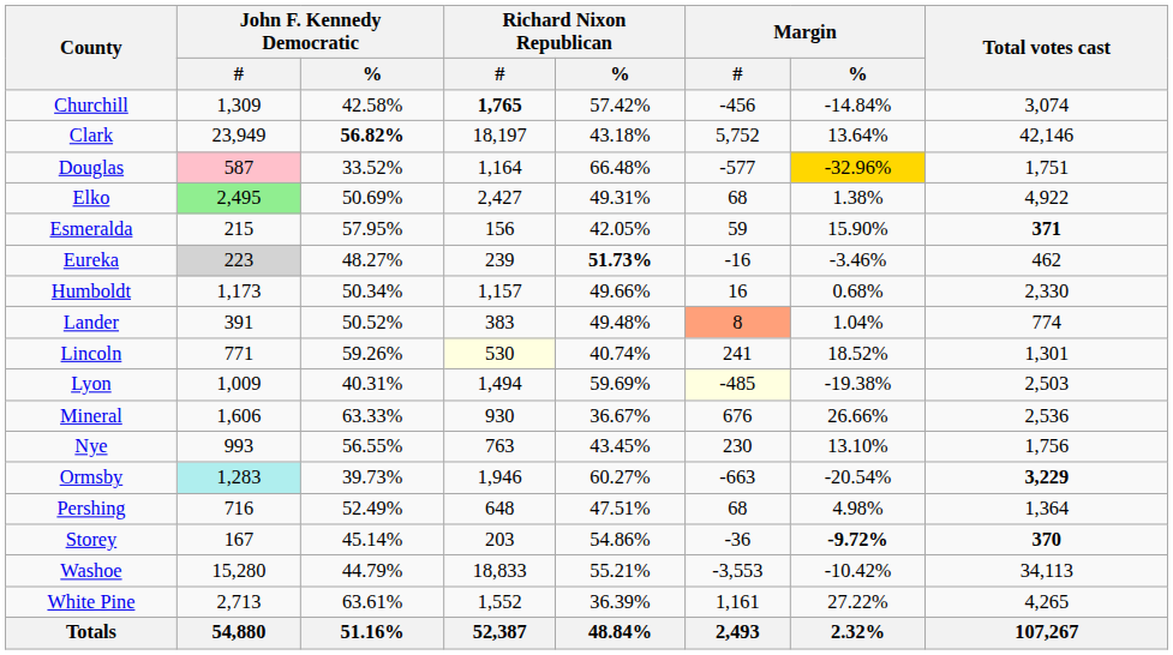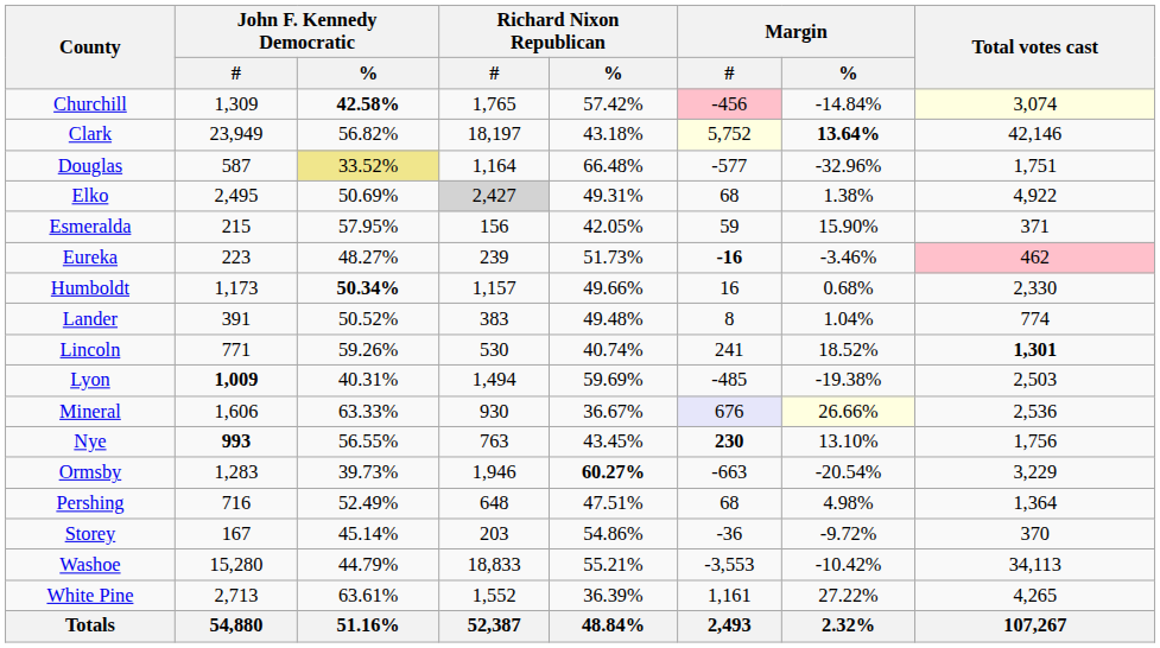 <table width="60%"  class="wikitable sortable" style="text-align:center">
 <tr>
 <th style="text-align:center;" rowspan="2">County</th>
 <th style="text-align:center;" colspan="2">John F. Kennedy<br>Democratic</th>
 <th style="text-align:center;" colspan="2">Richard Nixon<br>Republican</th>
 <th style="text-align:center;" colspan="2">Margin</th>
 <th style="text-align:center;" rowspan="2">Total votes cast</th>
 </tr>
 <tr>
 <th style="text-align:center;" data-sort-type="number">#</th>
 <th style="text-align:center;" data-sort-type="number">%</th>
 <th style="text-align:center;" data-sort-type="number">#</th>
 <th style="text-align:center;" data-sort-type="number">%</th>
 <th style="text-align:center;" data-sort-type="number">#</th>
 <th style="text-align:center;" data-sort-type="number">%</th>
 </tr>
 <tr style="text-align:center;">
 <td><a href='#'>Churchill</a></td>
 <td>1,309</td>
-<td>42.58%</td>
-<td><strong>1,765</strong></td>
+<td><strong>42.58%</strong></td>
+<td>1,765</td>
 <td>57.42%</td>
-<td>-456</td>
+<td style="background: pink;">-456</td>
 <td>-14.84%</td>
-<td>3,074</td>
+<td style="background: lightyellow;">3,074</td>
 </tr>
 <tr style="text-align:center;">
 <td><a href='#'>Clark</a></td>
 <td>23,949</td>
-<td><strong>56.82%</strong></td>
+<td>56.82%</td>
 <td>18,197</td>
 <td>43.18%</td>
-<td>5,752</td>
-<td>13.64%</td>
+<td style="background: lightyellow;">5,752</td>
+<td><strong>13.64%</strong></td>
 <td>42,146</td>
 </tr>
 <tr style="text-align:center;">
 <td><a href='#'>Douglas</a></td>
-<td style="background: pink;">587</td>
-<td>33.52%</td>
+<td>587</td>
+<td style="background: khaki;">33.52%</td>
 <td>1,164</td>
 <td>66.48%</td>
 <td>-577</td>
-<td style="background: gold;">-32.96%</td>
+<td>-32.96%</td>
 <td>1,751</td>
 </tr>
 <tr style="text-align:center;">
 <td><a href='#'>Elko</a></td>
-<td style="background: lightgreen;">2,495</td>
+<td>2,495</td>
 <td>50.69%</td>
-<td>2,427</td>
+<td style="background: lightgrey;">2,427</td>
 <td>49.31%</td>
 <td>68</td>
 <td>1.38%</td>
 <td>4,922</td>
 </tr>
 <tr style="text-align:center;">
 <td><a href='#'>Esmeralda</a></td>
 <td>215</td>
 <td>57.95%</td>
 <td>156</td>
 <td>42.05%</td>
 <td>59</td>
 <td>15.90%</td>
-<td><strong>371</strong></td>
+<td>371</td>
 </tr>
 <tr style="text-align:center;">
 <td><a href='#'>Eureka</a></td>
-<td style="background: lightgrey;">223</td>
+<td>223</td>
 <td>48.27%</td>
 <td>239</td>
-<td><strong>51.73%</strong></td>
-<td>-16</td>
+<td>51.73%</td>
+<td><strong>-16</strong></td>
 <td>-3.46%</td>
-<td>462</td>
+<td style="background: pink;">462</td>
 </tr>
 <tr style="text-align:center;">
 <td><a href='#'>Humboldt</a></td>
 <td>1,173</td>
-<td>50.34%</td>
+<td><strong>50.34%</strong></td>
 <td>1,157</td>
 <td>49.66%</td>
 <td>16</td>
 <td>0.68%</td>
 <td>2,330</td>
 </tr>
 <tr style="text-align:center;">
 <td><a href='#'>Lander</a></td>
 <td>391</td>
 <td>50.52%</td>
 <td>383</td>
 <td>49.48%</td>
-<td style="background: lightsalmon;">8</td>
+<td>8</td>
 <td>1.04%</td>
 <td>774</td>
 </tr>
 <tr style="text-align:center;">
 <td><a href='#'>Lincoln</a></td>
 <td>771</td>
 <td>59.26%</td>
-<td style="background: lightyellow;">530</td>
+<td>530</td>
 <td>40.74%</td>
 <td>241</td>
 <td>18.52%</td>
-<td>1,301</td>
+<td><strong>1,301</strong></td>
 </tr>
 <tr style="text-align:center;">
 <td><a href='#'>Lyon</a></td>
-<td>1,009</td>
+<td><strong>1,009</strong></td>
 <td>40.31%</td>
 <td>1,494</td>
 <td>59.69%</td>
-<td style="background: lightyellow;">-485</td>
+<td>-485</td>
 <td>-19.38%</td>
 <td>2,503</td>
 </tr>
 <tr style="text-align:center;">
 <td><a href='#'>Mineral</a></td>
 <td>1,606</td>
 <td>63.33%</td>
 <td>930</td>
 <td>36.67%</td>
-<td>676</td>
-<td>26.66%</td>
+<td style="background: lavender;">676</td>
+<td style="background: lightyellow;">26.66%</td>
 <td>2,536</td>
 </tr>
 <tr style="text-align:center;">
 <td><a href='#'>Nye</a></td>
-<td>993</td>
+<td><strong>993</strong></td>
 <td>56.55%</td>
 <td>763</td>
 <td>43.45%</td>
-<td>230</td>
+<td><strong>230</strong></td>
 <td>13.10%</td>
 <td>1,756</td>
 </tr>
 <tr style="text-align:center;">
 <td><a href='#'>Ormsby</a></td>
-<td style="background: paleturquoise;">1,283</td>
+<td>1,283</td>
 <td>39.73%</td>
 <td>1,946</td>
-<td>60.27%</td>
+<td><strong>60.27%</strong></td>
 <td>-663</td>
 <td>-20.54%</td>
-<td><strong>3,229</strong></td>
+<td>3,229</td>
 </tr>
 <tr style="text-align:center;">
 <td><a href='#'>Pershing</a></td>
 <td>716</td>
 <td>52.49%</td>
 <td>648</td>
 <td>47.51%</td>
 <td>68</td>
 <td>4.98%</td>
 <td>1,364</td>
 </tr>
 <tr style="text-align:center;">
 <td><a href='#'>Storey</a></td>
 <td>167</td>
 <td>45.14%</td>
 <td>203</td>
 <td>54.86%</td>
 <td>-36</td>
-<td><strong>-9.72%</strong></td>
-<td><strong>370</strong></td>
+<td>-9.72%</td>
+<td>370</td>
 </tr>
 <tr style="text-align:center;">
 <td><a href='#'>Washoe</a></td>
 <td>15,280</td>
 <td>44.79%</td>
 <td>18,833</td>
 <td>55.21%</td>
 <td>-3,553</td>
 <td>-10.42%</td>
 <td>34,113</td>
 </tr>
 <tr style="text-align:center;">
 <td><a href='#'>White Pine</a></td>
 <td>2,713</td>
 <td>63.61%</td>
 <td>1,552</td>
 <td>36.39%</td>
 <td>1,161</td>
 <td>27.22%</td>
 <td>4,265</td>
 </tr>
 <tr style="text-align:center;">
 <th>Totals</th>
 <th>54,880</th>
 <th>51.16%</th>
 <th>52,387</th>
 <th>48.84%</th>
 <th>2,493</th>
 <th>2.32%</th>
 <th>107,267</th>
 </tr>
 </table>
